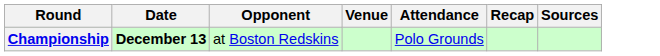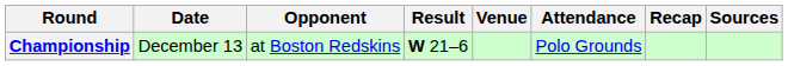 <table class="wikitable" style="text-align:center">
 <tr>
 <th>Round</th>
 <th>Date</th>
 <th>Opponent</th>
+<th>Result</th>
 <th>Venue</th>
 <th>Attendance</th>
 <th>Recap</th>
 <th>Sources</th>
 </tr>
 <tr style="background:#cfc">
 <th><a href='#'>Championship</a></th>
-<td><strong>December 13</strong></td>
+<td>December 13</td>
 <td>at <a href='#'>Boston Redskins</a></td>
+<td><strong>W</strong> 21–6</td>
 <td></td>
 <td><a href='#'>Polo Grounds</a></td>
 <td></td>
 <td></td>
 </tr>
 </table>
